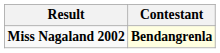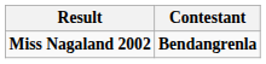 <table class="wikitable">
 <tr>
 <th>Result</th>
 <th>Contestant</th>
 </tr>
 <tr>
 <td><strong>Miss Nagaland 2002</strong></td>
-<td style="background: lightyellow;"><strong>Bendangrenla</strong></td>
+<td><strong>Bendangrenla</strong></td>
 </tr>
 </table>
